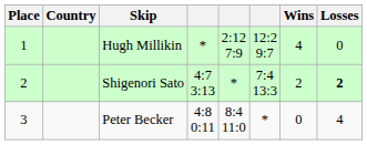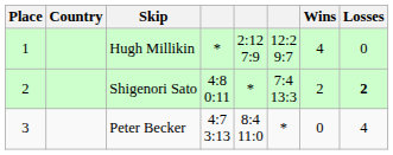 <table class="wikitable" style="text-align:center;">
 <tr>
 <th>Place</th>
 <th>Country</th>
 <th>Skip</th>
 <th width="25"></th>
 <th width="25"></th>
 <th width="25"></th>
 <th>Wins</th>
 <th>Losses</th>
 </tr>
 <tr bgcolor=#ccffcc>
 <td>1</td>
 <td align=left></td>
 <td align=left>Hugh Millikin</td>
 <td>*</td>
 <td>2:12<br> 7:9</td>
 <td>12:2<br> 9:7</td>
 <td>4</td>
 <td>0</td>
 </tr>
 <tr bgcolor=#ccffcc>
 <td>2</td>
 <td align=left></td>
 <td align=left>Shigenori Sato</td>
-<td>4:7<br>3:13</td>
+<td>4:8<br>0:11</td>
 <td>*</td>
 <td>7:4<br>13:3</td>
 <td>2</td>
 <td><strong>2</strong></td>
 </tr>
 <tr>
 <td>3</td>
 <td align=left></td>
 <td align=left>Peter Becker</td>
-<td>4:8<br>0:11</td>
+<td>4:7<br>3:13</td>
 <td>8:4<br>11:0</td>
 <td>*</td>
 <td>0</td>
 <td>4</td>
 </tr>
 </table>
